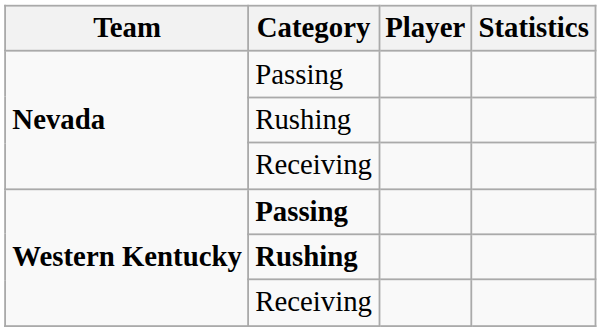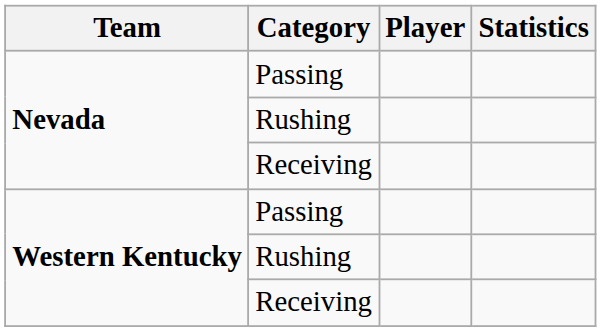 <table class="wikitable" style="float: right;">
 <tr>
 <th>Team</th>
 <th>Category</th>
 <th>Player</th>
 <th>Statistics</th>
 </tr>
 <tr>
 <td rowspan=3><strong>Nevada</strong></td>
 <td>Passing</td>
 <td></td>
 <td></td>
 </tr>
 <tr>
 <td>Rushing</td>
 <td></td>
 <td></td>
 </tr>
 <tr>
 <td>Receiving</td>
 <td></td>
 <td></td>
 </tr>
 <tr>
 <td rowspan=3><strong>Western Kentucky</strong></td>
-<td><strong>Passing</strong></td>
+<td>Passing</td>
 <td></td>
 <td></td>
 </tr>
 <tr>
-<td><strong>Rushing</strong></td>
+<td>Rushing</td>
 <td></td>
 <td></td>
 </tr>
 <tr>
 <td>Receiving</td>
 <td></td>
 <td></td>
 </tr>
 </table>
